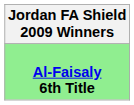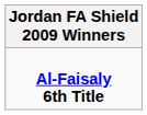 <table class="wikitable" style="text-align: center; margin: 0 auto;">
 <tr>
 <th>Jordan FA Shield  <br>2009 Winners</th>
 </tr>
 <tr>
-<td style="background: lightgreen;"><br><strong><a href='#'>Al-Faisaly</a></strong><br><strong>6th Title</strong> <br></td>
+<td><br><strong><a href='#'>Al-Faisaly</a></strong><br><strong>6th Title</strong> <br></td>
 </tr>
 </table>
